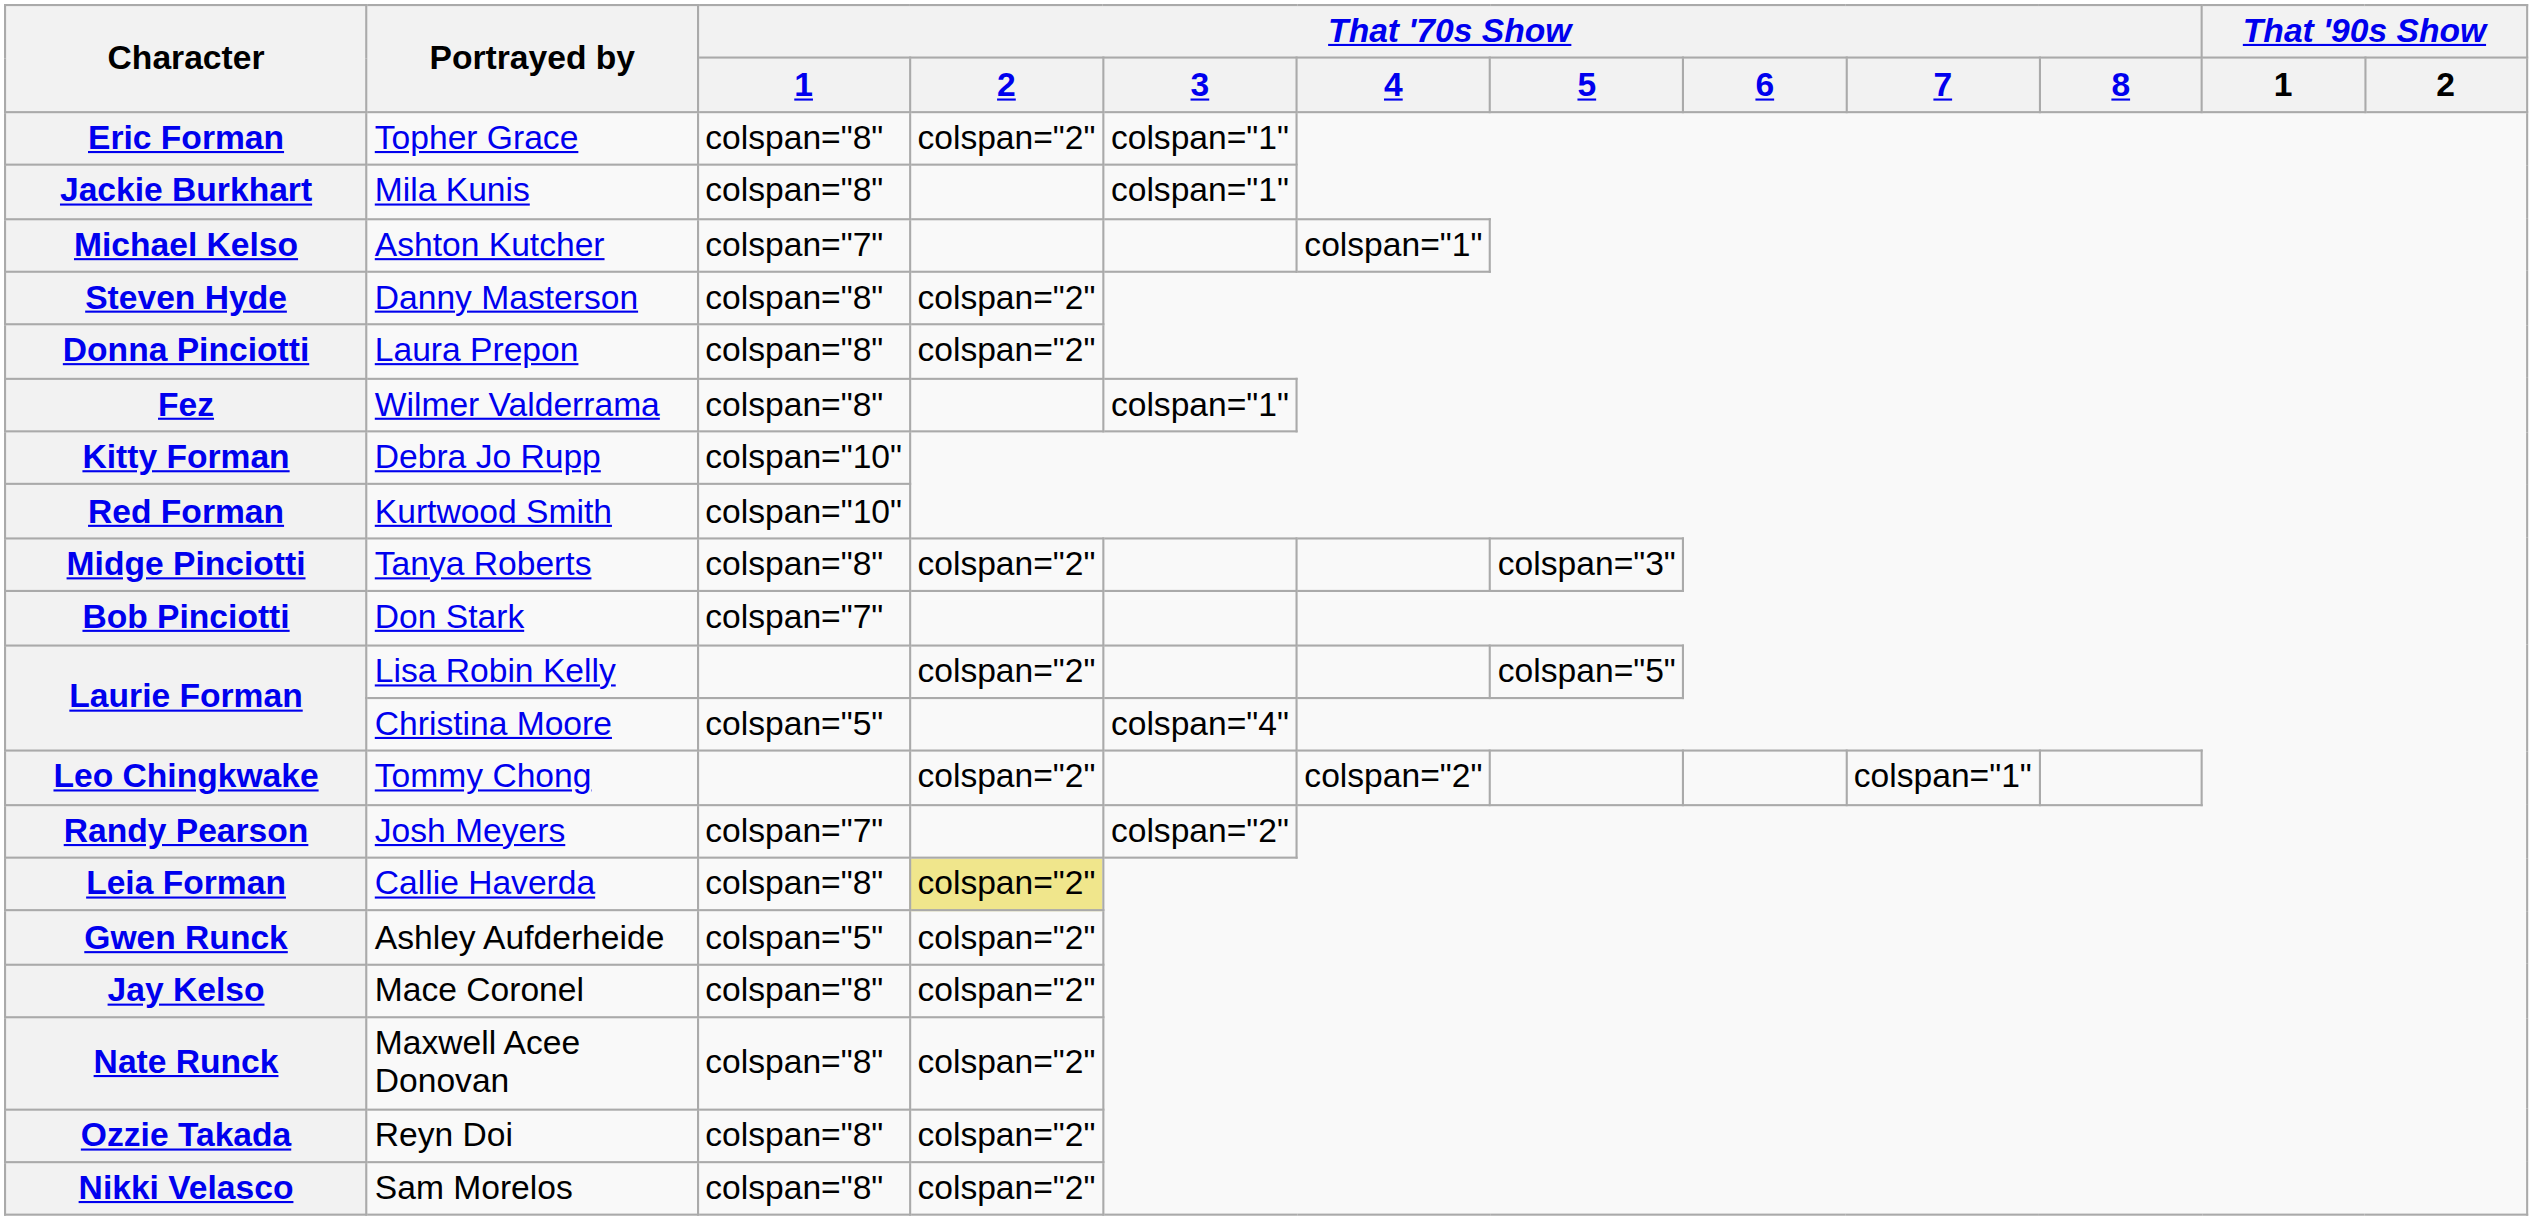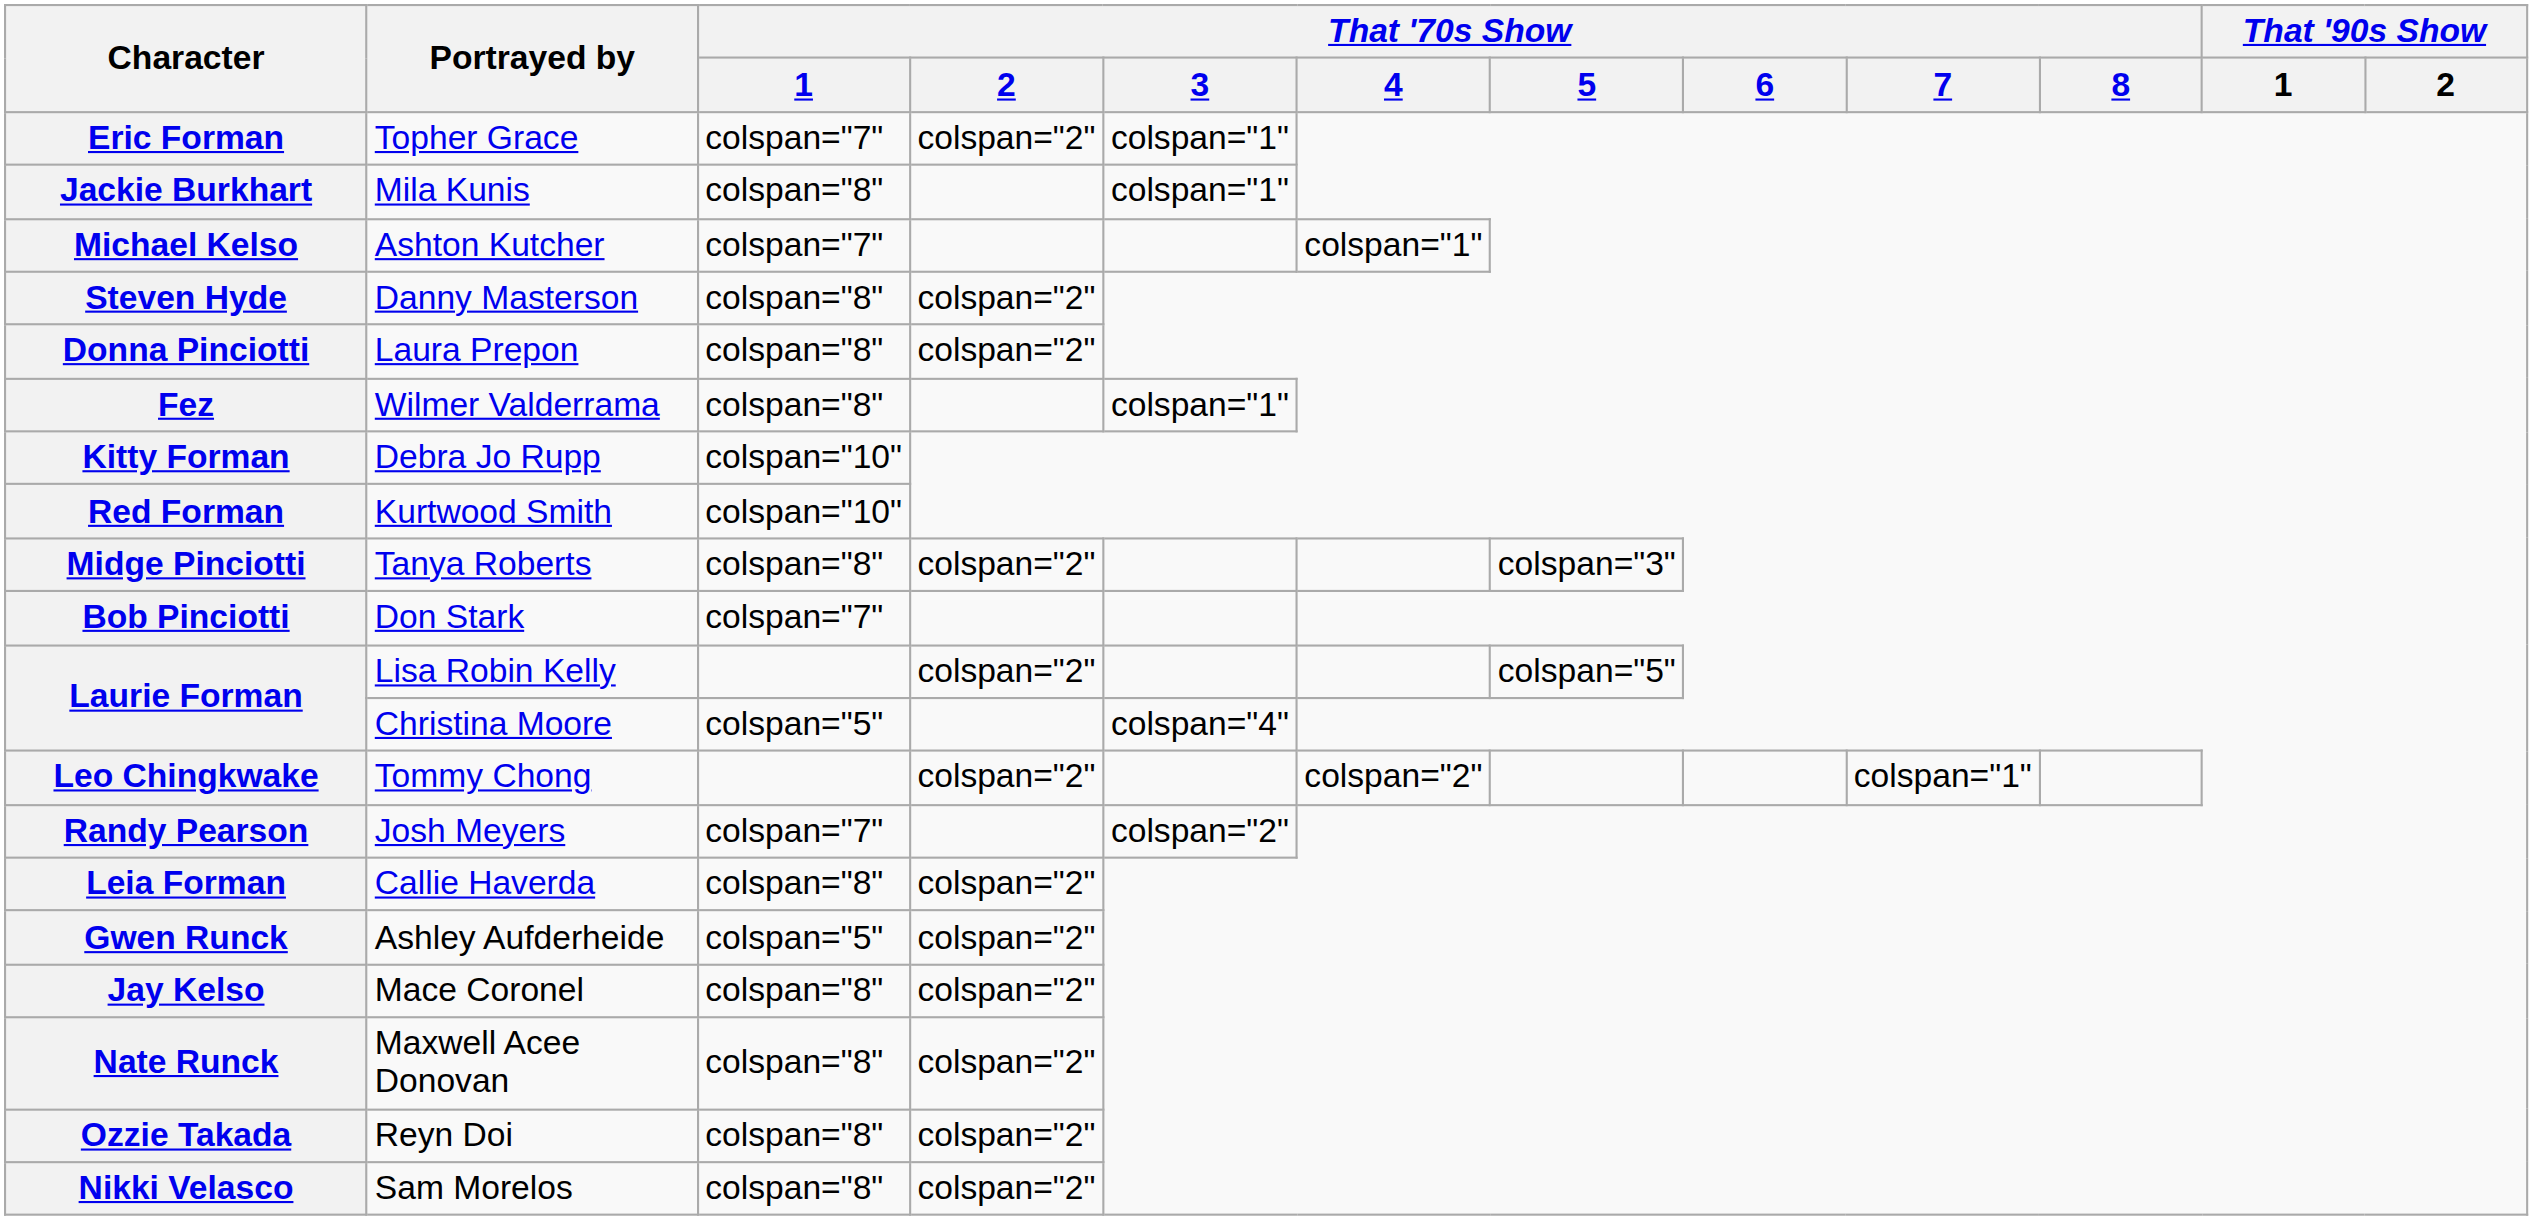 <table class="wikitable">
 <tr>
 <th rowspan="2" style="width:165px;">Character</th>
 <th rowspan="2" style="width:150px;">Portrayed by</th>
 <th colspan="8"><em><a href='#'>That '70s Show</a></em></th>
 <th colspan="2" style="width:70px;"><em><a href='#'>That '90s Show</a></em></th>
 </tr>
 <tr>
 <th style="width:70px;"><a href='#'>1</a></th>
 <th style="width:65px;"><a href='#'>2</a></th>
 <th style="width:65px;"><a href='#'>3</a></th>
 <th style="width:65px;"><a href='#'>4</a></th>
 <th style="width:70px;"><a href='#'>5</a></th>
 <th style="width:70px;"><a href='#'>6</a></th>
 <th style="width:70px;"><a href='#'>7</a></th>
 <th style="width:70px;"><a href='#'>8</a></th>
 <th style="width:70px;">1</th>
 <th style="width:70px;">2</th>
 </tr>
 <tr>
 <th><a href='#'>Eric Forman</a></th>
 <td><a href='#'>Topher Grace</a></td>
-<td>colspan="8" </td>
+<td>colspan="7" </td>
 <td>colspan="2" </td>
 <td>colspan="1" </td>
 </tr>
 <tr>
 <th><a href='#'>Jackie Burkhart</a></th>
 <td><a href='#'>Mila Kunis</a></td>
 <td>colspan="8" </td>
 <td></td>
 <td>colspan="1" </td>
 </tr>
 <tr>
 <th><a href='#'>Michael Kelso</a></th>
 <td><a href='#'>Ashton Kutcher</a></td>
 <td>colspan="7" </td>
 <td></td>
 <td></td>
 <td>colspan="1" </td>
 </tr>
 <tr>
 <th><a href='#'>Steven Hyde</a></th>
 <td><a href='#'>Danny Masterson</a></td>
 <td>colspan="8" </td>
 <td>colspan="2" </td>
 </tr>
 <tr>
 <th><a href='#'>Donna Pinciotti</a></th>
 <td><a href='#'>Laura Prepon</a></td>
 <td>colspan="8" </td>
 <td>colspan="2" </td>
 </tr>
 <tr>
 <th><a href='#'>Fez</a></th>
 <td><a href='#'>Wilmer Valderrama</a></td>
 <td>colspan="8" </td>
 <td></td>
 <td>colspan="1" </td>
 </tr>
 <tr>
 <th><a href='#'>Kitty Forman</a></th>
 <td><a href='#'>Debra Jo Rupp</a></td>
 <td>colspan="10" </td>
 </tr>
 <tr>
 <th><a href='#'>Red Forman</a></th>
 <td><a href='#'>Kurtwood Smith</a></td>
 <td>colspan="10" </td>
 </tr>
 <tr>
 <th><a href='#'>Midge Pinciotti</a></th>
 <td><a href='#'>Tanya Roberts</a></td>
 <td>colspan="8" </td>
 <td>colspan="2" </td>
 <td></td>
 <td></td>
 <td>colspan="3" </td>
 </tr>
 <tr>
 <th><a href='#'>Bob Pinciotti</a></th>
 <td><a href='#'>Don Stark</a></td>
 <td>colspan="7" </td>
 <td></td>
 <td></td>
 </tr>
 <tr>
 <th rowspan="2"><a href='#'>Laurie Forman</a></th>
 <td><a href='#'>Lisa Robin Kelly</a></td>
 <td></td>
 <td>colspan="2" </td>
 <td></td>
 <td></td>
 <td>colspan="5" </td>
 </tr>
 <tr>
 <td><a href='#'>Christina Moore</a></td>
 <td>colspan="5" </td>
 <td></td>
 <td>colspan="4" </td>
 </tr>
 <tr>
 <th><a href='#'>Leo Chingkwake</a></th>
 <td><a href='#'>Tommy Chong</a></td>
 <td></td>
 <td>colspan="2" </td>
 <td></td>
 <td>colspan="2" </td>
 <td></td>
 <td></td>
 <td>colspan="1" </td>
 <td></td>
 </tr>
 <tr>
 <th><a href='#'>Randy Pearson</a></th>
 <td><a href='#'>Josh Meyers</a></td>
 <td>colspan="7" </td>
 <td></td>
 <td>colspan="2" </td>
 </tr>
 <tr>
 <th><a href='#'>Leia Forman</a></th>
 <td><a href='#'>Callie Haverda</a></td>
 <td>colspan="8" </td>
-<td style="background: khaki;">colspan="2" </td>
+<td>colspan="2" </td>
 </tr>
 <tr>
 <th><a href='#'>Gwen Runck</a></th>
 <td>Ashley Aufderheide</td>
 <td>colspan="5" </td>
 <td>colspan="2" </td>
 </tr>
 <tr>
 <th><a href='#'>Jay Kelso</a></th>
 <td>Mace Coronel</td>
 <td>colspan="8" </td>
 <td>colspan="2" </td>
 </tr>
 <tr>
 <th><a href='#'>Nate Runck</a></th>
 <td>Maxwell Acee Donovan</td>
 <td>colspan="8" </td>
 <td>colspan="2" </td>
 </tr>
 <tr>
 <th><a href='#'>Ozzie Takada</a></th>
 <td>Reyn Doi</td>
 <td>colspan="8" </td>
 <td>colspan="2" </td>
 </tr>
 <tr>
 <th><a href='#'>Nikki Velasco</a></th>
 <td>Sam Morelos</td>
 <td>colspan="8" </td>
 <td>colspan="2" </td>
 </tr>
 </table>
